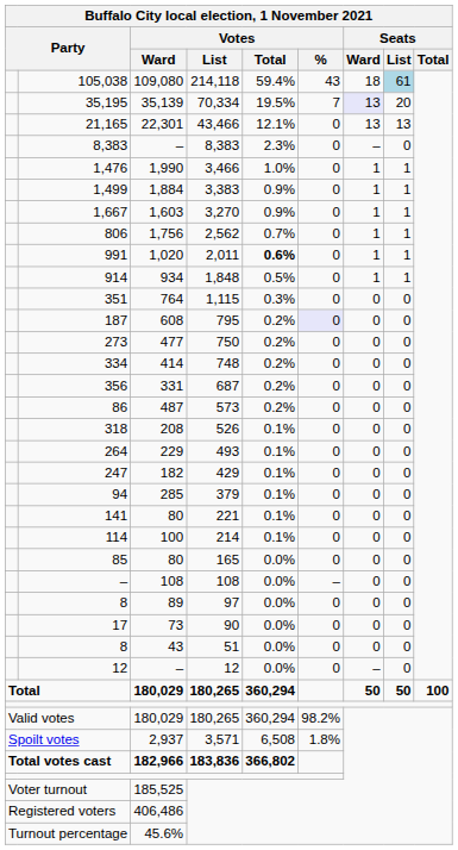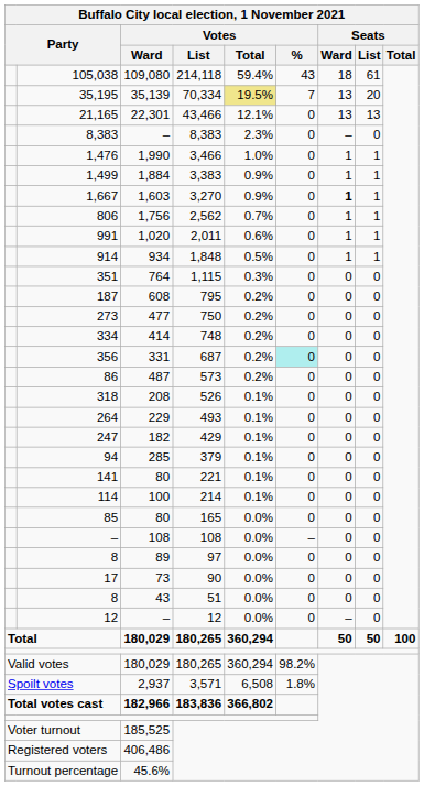 <table class=wikitable style="text-align:right">
 <tr>
 <th colspan="9" align="center">Buffalo City local election, 1 November 2021</th>
 </tr>
 <tr>
 <th rowspan="2" colspan="2">Party</th>
 <th colspan="4" align="center">Votes</th>
 <th colspan="3" align="center">Seats</th>
 </tr>
 <tr>
 <th>Ward</th>
 <th>List</th>
 <th>Total</th>
 <th>%</th>
 <th>Ward</th>
 <th>List</th>
 <th>Total</th>
 </tr>
 <tr>
 <td></td>
 <td>105,038</td>
 <td>109,080</td>
 <td>214,118</td>
 <td>59.4%</td>
 <td>43</td>
 <td>18</td>
-<td style="background: lightblue;">61</td>
+<td>61</td>
 </tr>
 <tr>
 <td></td>
 <td>35,195</td>
 <td>35,139</td>
 <td>70,334</td>
-<td>19.5%</td>
+<td style="background: khaki;">19.5%</td>
 <td>7</td>
-<td style="background: lavender;">13</td>
+<td>13</td>
 <td>20</td>
 </tr>
 <tr>
 <td></td>
 <td>21,165</td>
 <td>22,301</td>
 <td>43,466</td>
 <td>12.1%</td>
 <td>0</td>
 <td>13</td>
 <td>13</td>
 </tr>
 <tr>
 <td></td>
 <td>8,383</td>
 <td>–</td>
 <td>8,383</td>
 <td>2.3%</td>
 <td>0</td>
 <td>–</td>
 <td>0</td>
 </tr>
 <tr>
 <td></td>
 <td>1,476</td>
 <td>1,990</td>
 <td>3,466</td>
 <td>1.0%</td>
 <td>0</td>
 <td>1</td>
 <td>1</td>
 </tr>
 <tr>
 <td></td>
 <td>1,499</td>
 <td>1,884</td>
 <td>3,383</td>
 <td>0.9%</td>
 <td>0</td>
 <td>1</td>
 <td>1</td>
 </tr>
 <tr>
 <td></td>
 <td>1,667</td>
 <td>1,603</td>
 <td>3,270</td>
 <td>0.9%</td>
 <td>0</td>
-<td>1</td>
+<td><strong>1</strong></td>
 <td>1</td>
 </tr>
 <tr>
 <td></td>
 <td>806</td>
 <td>1,756</td>
 <td>2,562</td>
 <td>0.7%</td>
 <td>0</td>
 <td>1</td>
 <td>1</td>
 </tr>
 <tr>
 <td></td>
 <td>991</td>
 <td>1,020</td>
 <td>2,011</td>
-<td><strong>0.6%</strong></td>
+<td>0.6%</td>
 <td>0</td>
 <td>1</td>
 <td>1</td>
 </tr>
 <tr>
 <td></td>
 <td>914</td>
 <td>934</td>
 <td>1,848</td>
 <td>0.5%</td>
 <td>0</td>
 <td>1</td>
 <td>1</td>
 </tr>
 <tr>
 <td></td>
 <td>351</td>
 <td>764</td>
 <td>1,115</td>
 <td>0.3%</td>
 <td>0</td>
 <td>0</td>
 <td>0</td>
 </tr>
 <tr>
 <td></td>
 <td>187</td>
 <td>608</td>
 <td>795</td>
 <td>0.2%</td>
-<td style="background: lavender;">0</td>
+<td>0</td>
 <td>0</td>
 <td>0</td>
 </tr>
 <tr>
 <td></td>
 <td>273</td>
 <td>477</td>
 <td>750</td>
 <td>0.2%</td>
 <td>0</td>
 <td>0</td>
 <td>0</td>
 </tr>
 <tr>
 <td></td>
 <td>334</td>
 <td>414</td>
 <td>748</td>
 <td>0.2%</td>
 <td>0</td>
 <td>0</td>
 <td>0</td>
 </tr>
 <tr>
 <td></td>
 <td>356</td>
 <td>331</td>
 <td>687</td>
 <td>0.2%</td>
-<td>0</td>
+<td style="background: paleturquoise;">0</td>
 <td>0</td>
 <td>0</td>
 </tr>
 <tr>
 <td></td>
 <td>86</td>
 <td>487</td>
 <td>573</td>
 <td>0.2%</td>
 <td>0</td>
 <td>0</td>
 <td>0</td>
 </tr>
 <tr>
 <td></td>
 <td>318</td>
 <td>208</td>
 <td>526</td>
 <td>0.1%</td>
 <td>0</td>
 <td>0</td>
 <td>0</td>
 </tr>
 <tr>
 <td></td>
 <td>264</td>
 <td>229</td>
 <td>493</td>
 <td>0.1%</td>
 <td>0</td>
 <td>0</td>
 <td>0</td>
 </tr>
 <tr>
 <td></td>
 <td>247</td>
 <td>182</td>
 <td>429</td>
 <td>0.1%</td>
 <td>0</td>
 <td>0</td>
 <td>0</td>
 </tr>
 <tr>
 <td></td>
 <td>94</td>
 <td>285</td>
 <td>379</td>
 <td>0.1%</td>
 <td>0</td>
 <td>0</td>
 <td>0</td>
 </tr>
 <tr>
 <td></td>
 <td>141</td>
 <td>80</td>
 <td>221</td>
 <td>0.1%</td>
 <td>0</td>
 <td>0</td>
 <td>0</td>
 </tr>
 <tr>
 <td></td>
 <td>114</td>
 <td>100</td>
 <td>214</td>
 <td>0.1%</td>
 <td>0</td>
 <td>0</td>
 <td>0</td>
 </tr>
 <tr>
 <td></td>
 <td>85</td>
 <td>80</td>
 <td>165</td>
 <td>0.0%</td>
 <td>0</td>
 <td>0</td>
 <td>0</td>
 </tr>
 <tr>
 <td></td>
 <td>–</td>
 <td>108</td>
 <td>108</td>
 <td>0.0%</td>
 <td>–</td>
 <td>0</td>
 <td>0</td>
 </tr>
 <tr>
 <td></td>
 <td>8</td>
 <td>89</td>
 <td>97</td>
 <td>0.0%</td>
 <td>0</td>
 <td>0</td>
 <td>0</td>
 </tr>
 <tr>
 <td></td>
 <td>17</td>
 <td>73</td>
 <td>90</td>
 <td>0.0%</td>
 <td>0</td>
 <td>0</td>
 <td>0</td>
 </tr>
 <tr>
 <td></td>
 <td>8</td>
 <td>43</td>
 <td>51</td>
 <td>0.0%</td>
 <td>0</td>
 <td>0</td>
 <td>0</td>
 </tr>
 <tr>
 <td></td>
 <td>12</td>
 <td>–</td>
 <td>12</td>
 <td>0.0%</td>
 <td>0</td>
 <td>–</td>
 <td>0</td>
 </tr>
 <tr>
 <td colspan="2" style="text-align:left"><strong>Total</strong></td>
 <td><strong>180,029</strong></td>
 <td><strong>180,265</strong></td>
 <td><strong>360,294</strong></td>
 <td></td>
 <td><strong>50</strong></td>
 <td><strong>50</strong></td>
 <td><strong>100</strong></td>
 </tr>
 <tr>
 <td colspan="9"></td>
 </tr>
 <tr>
 <td colspan="2" style="text-align:left">Valid votes</td>
 <td>180,029</td>
 <td>180,265</td>
 <td>360,294</td>
 <td>98.2%</td>
 </tr>
 <tr>
 <td colspan="2" style="text-align:left"><a href='#'>Spoilt votes</a></td>
 <td>2,937</td>
 <td>3,571</td>
 <td>6,508</td>
 <td>1.8%</td>
 </tr>
 <tr>
 <td colspan="2" style="text-align:left"><strong>Total votes cast</strong></td>
 <td><strong>182,966</strong></td>
 <td><strong>183,836</strong></td>
 <td><strong>366,802</strong></td>
 <td></td>
 </tr>
 <tr>
 <td colspan="6"></td>
 </tr>
 <tr>
 <td colspan="2" style="text-align:left">Voter turnout</td>
 <td>185,525</td>
 </tr>
 <tr>
 <td colspan="2" style="text-align:left">Registered voters</td>
 <td>406,486</td>
 </tr>
 <tr>
 <td colspan="2" style="text-align:left">Turnout percentage</td>
 <td>45.6%</td>
 </tr>
 </table>
